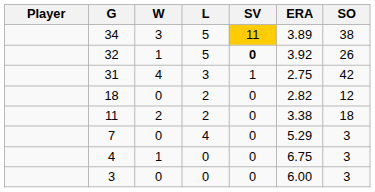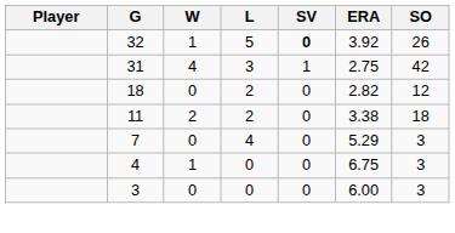 <table class="wikitable sortable">
 <tr>
 <th bgcolor="#DDDDFF" width="16%">Player</th>
 <th bgcolor="#DDDDFF" width="9%">G</th>
 <th bgcolor="#DDDDFF" width="9%">W</th>
 <th bgcolor="#DDDDFF" width="9%">L</th>
 <th bgcolor="#DDDDFF" width="9%">SV</th>
 <th bgcolor="#DDDDFF" width="9%">ERA</th>
 <th bgcolor="#DDDDFF" width="9%">SO</th>
-</tr>
-<tr align="center">
-<td></td>
-<td>34</td>
-<td>3</td>
-<td>5</td>
-<td style="background:#fc0;">11</td>
-<td>3.89</td>
-<td>38</td>
 </tr>
 <tr align="center">
 <td></td>
 <td>32</td>
 <td>1</td>
 <td>5</td>
 <td><strong>0</strong></td>
 <td>3.92</td>
 <td>26</td>
 </tr>
 <tr align="center">
 <td></td>
 <td>31</td>
 <td>4</td>
 <td>3</td>
 <td>1</td>
 <td>2.75</td>
 <td>42</td>
 </tr>
 <tr align="center">
 <td></td>
 <td>18</td>
 <td>0</td>
 <td>2</td>
 <td>0</td>
 <td>2.82</td>
 <td>12</td>
 </tr>
 <tr align="center">
 <td></td>
 <td>11</td>
 <td>2</td>
 <td>2</td>
 <td>0</td>
 <td>3.38</td>
 <td>18</td>
 </tr>
 <tr align="center">
 <td></td>
 <td>7</td>
 <td>0</td>
 <td>4</td>
 <td>0</td>
 <td>5.29</td>
 <td>3</td>
 </tr>
 <tr align="center">
 <td></td>
 <td>4</td>
 <td>1</td>
 <td>0</td>
 <td>0</td>
 <td>6.75</td>
 <td>3</td>
 </tr>
 <tr align="center">
 <td></td>
 <td>3</td>
 <td>0</td>
 <td>0</td>
 <td>0</td>
 <td>6.00</td>
 <td>3</td>
 </tr>
 </table>
